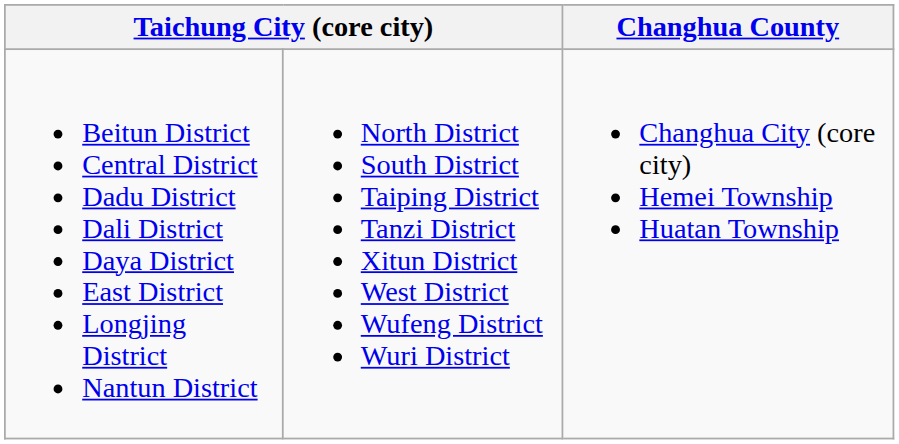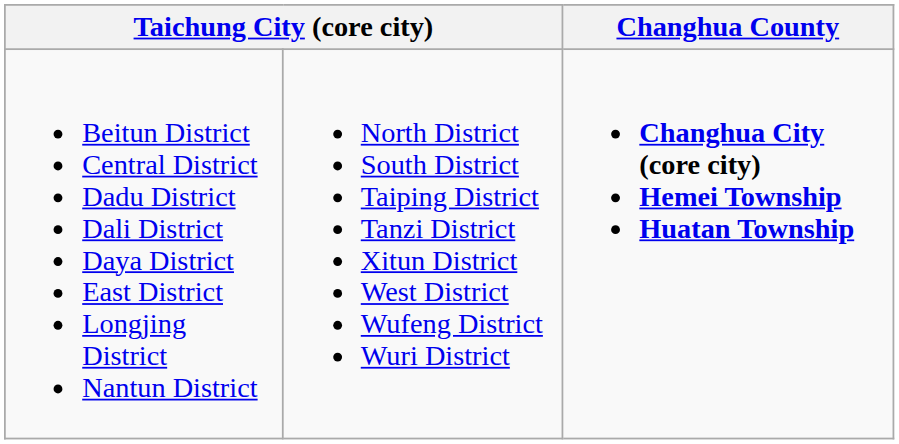 <table class=wikitable>
 <tr>
 <th colspan=2><a href='#'>Taichung City</a> (core city)</th>
 <th><a href='#'>Changhua County</a></th>
 </tr>
 <tr>
 <td width=150 valign=top><br><ul><li><a href='#'>Beitun District</a></li><li><a href='#'>Central District</a></li><li><a href='#'>Dadu District</a></li><li><a href='#'>Dali District</a></li><li><a href='#'>Daya District</a></li><li><a href='#'>East District</a></li><li><a href='#'>Longjing District</a></li><li><a href='#'>Nantun District</a></li></ul></td>
 <td width=150 valign=top><br><ul><li><a href='#'>North District</a></li><li><a href='#'>South District</a></li><li><a href='#'>Taiping District</a></li><li><a href='#'>Tanzi District</a></li><li><a href='#'>Xitun District</a></li><li><a href='#'>West District</a></li><li><a href='#'>Wufeng District</a></li><li><a href='#'>Wuri District</a></li></ul></td>
-<td width=180 valign=top><br><ul><li><a href='#'>Changhua City</a> (core city)</li><li><a href='#'>Hemei Township</a></li><li><a href='#'>Huatan Township</a></li></ul></td>
+<td width=180 valign=top><strong><br><ul><li><a href='#'>Changhua City</a> (core city)</li><li><a href='#'>Hemei Township</a></li><li><a href='#'>Huatan Township</a></li></ul></strong></td>
 </tr>
 </table>
